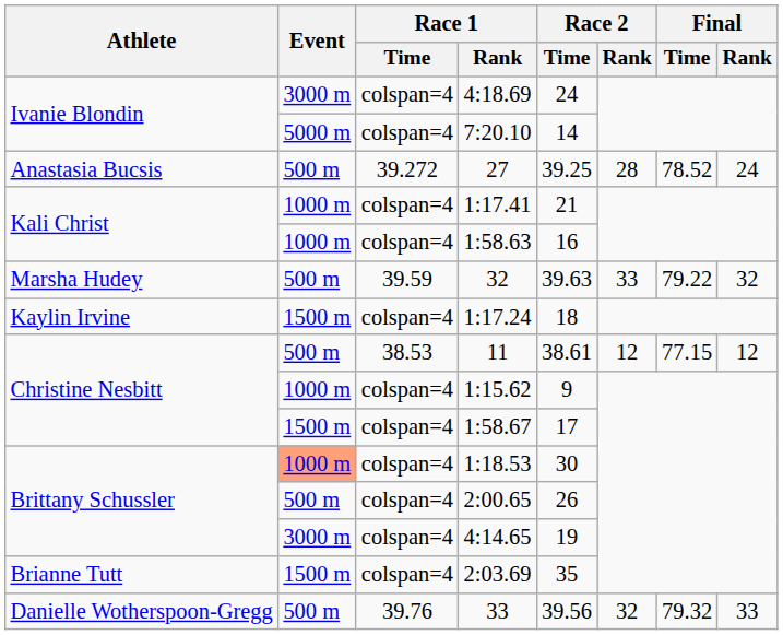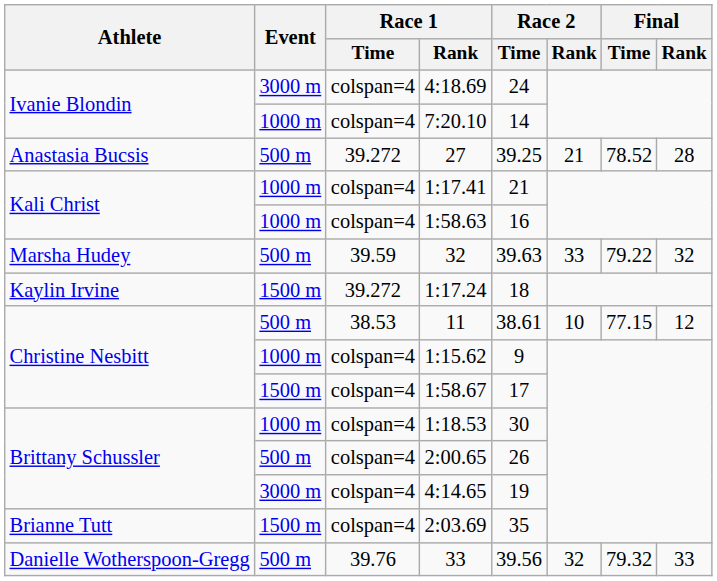 <table class="wikitable" style="font-size:90%">
 <tr>
 <th rowspan=2>Athlete</th>
 <th rowspan=2>Event</th>
 <th colspan=2>Race 1</th>
 <th colspan=2>Race 2</th>
 <th colspan=3>Final</th>
 </tr>
 <tr style="font-size:95%">
 <th>Time</th>
 <th>Rank</th>
 <th>Time</th>
 <th>Rank</th>
 <th>Time</th>
 <th>Rank</th>
 </tr>
 <tr align=center>
 <td align=left rowspan=2><a href='#'>Ivanie Blondin</a></td>
 <td align=left><a href='#'>3000 m</a></td>
 <td>colspan=4 </td>
 <td>4:18.69</td>
 <td>24</td>
 </tr>
 <tr align=center>
-<td align=left><a href='#'>5000 m</a></td>
+<td align=left><a href='#'>1000 m</a></td>
 <td>colspan=4 </td>
 <td>7:20.10</td>
 <td>14</td>
 </tr>
 <tr align=center>
 <td align=left><a href='#'>Anastasia Bucsis</a></td>
 <td align=left><a href='#'>500 m</a></td>
 <td>39.272</td>
 <td>27</td>
 <td>39.25</td>
+<td>21</td>
+<td>78.52</td>
 <td>28</td>
-<td>78.52</td>
-<td>24</td>
 </tr>
 <tr align=center>
 <td align=left rowspan=2><a href='#'>Kali Christ</a></td>
 <td align=left><a href='#'>1000 m</a></td>
 <td>colspan=4 </td>
 <td>1:17.41</td>
 <td>21</td>
 </tr>
 <tr align=center>
 <td align=left><a href='#'>1000 m</a></td>
 <td>colspan=4 </td>
 <td>1:58.63</td>
 <td>16</td>
 </tr>
 <tr align=center>
 <td align=left><a href='#'>Marsha Hudey</a></td>
 <td align=left><a href='#'>500 m</a></td>
 <td>39.59</td>
 <td>32</td>
 <td>39.63</td>
 <td>33</td>
 <td>79.22</td>
 <td>32</td>
 </tr>
 <tr align=center>
 <td align=left><a href='#'>Kaylin Irvine</a></td>
 <td align=left><a href='#'>1500 m</a></td>
-<td>colspan=4 </td>
+<td>39.272</td>
 <td>1:17.24</td>
 <td>18</td>
 </tr>
 <tr align=center>
 <td align=left rowspan=3><a href='#'>Christine Nesbitt</a></td>
 <td align=left><a href='#'>500 m</a></td>
 <td>38.53</td>
 <td>11</td>
 <td>38.61</td>
-<td>12</td>
+<td>10</td>
 <td>77.15</td>
 <td>12</td>
 </tr>
 <tr align=center>
 <td align=left><a href='#'>1000 m</a></td>
 <td>colspan=4 </td>
 <td>1:15.62</td>
 <td>9</td>
 </tr>
 <tr align=center>
 <td align=left><a href='#'>1500 m</a></td>
 <td>colspan=4 </td>
 <td>1:58.67</td>
 <td>17</td>
 </tr>
 <tr align=center>
 <td align=left rowspan=3><a href='#'>Brittany Schussler</a></td>
-<td align=left style="background: lightsalmon;"><a href='#'>1000 m</a></td>
+<td align=left><a href='#'>1000 m</a></td>
 <td>colspan=4 </td>
 <td>1:18.53</td>
 <td>30</td>
 </tr>
 <tr align=center>
 <td align=left><a href='#'>500 m</a></td>
 <td>colspan=4 </td>
 <td>2:00.65</td>
 <td>26</td>
 </tr>
 <tr align=center>
 <td align=left><a href='#'>3000 m</a></td>
 <td>colspan=4 </td>
 <td>4:14.65</td>
 <td>19</td>
 </tr>
 <tr align=center>
 <td align=left><a href='#'>Brianne Tutt</a></td>
 <td align=left><a href='#'>1500 m</a></td>
 <td>colspan=4 </td>
 <td>2:03.69</td>
 <td>35</td>
 </tr>
 <tr align=center>
 <td align=left><a href='#'>Danielle Wotherspoon-Gregg</a></td>
 <td align=left><a href='#'>500 m</a></td>
 <td>39.76</td>
 <td>33</td>
 <td>39.56</td>
 <td>32</td>
 <td>79.32</td>
 <td>33</td>
 </tr>
 </table>
